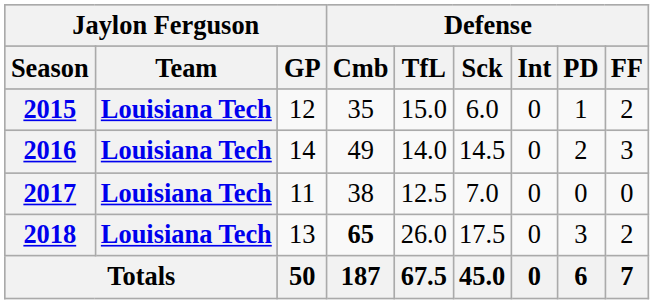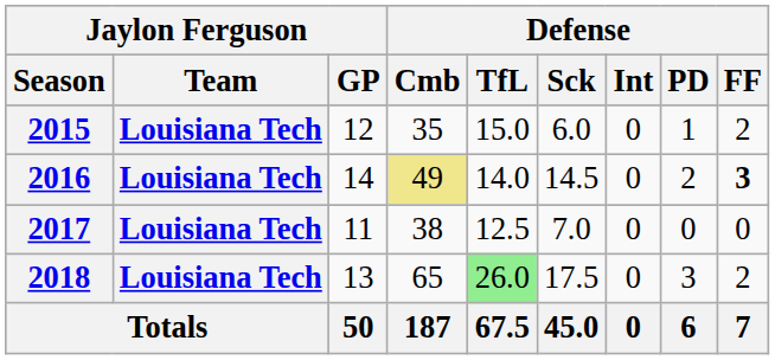 <table class="wikitable" style="text-align:center;">
 <tr>
 <th colspan="3">Jaylon Ferguson</th>
 <th colspan="6">Defense</th>
 </tr>
 <tr>
 <th>Season</th>
 <th>Team</th>
 <th>GP</th>
 <th>Cmb</th>
 <th>TfL</th>
 <th>Sck</th>
 <th>Int</th>
 <th>PD</th>
 <th>FF</th>
 </tr>
 <tr>
 <th><a href='#'>2015</a></th>
 <th><a href='#'>Louisiana Tech</a></th>
 <td>12</td>
 <td>35</td>
 <td>15.0</td>
 <td>6.0</td>
 <td>0</td>
 <td>1</td>
 <td>2</td>
 </tr>
 <tr>
 <th><a href='#'>2016</a></th>
 <th><a href='#'>Louisiana Tech</a></th>
 <td>14</td>
-<td>49</td>
+<td style="background: khaki;">49</td>
 <td>14.0</td>
 <td>14.5</td>
 <td>0</td>
 <td>2</td>
-<td>3</td>
+<td><strong>3</strong></td>
 </tr>
 <tr>
 <th><a href='#'>2017</a></th>
 <th><a href='#'>Louisiana Tech</a></th>
 <td>11</td>
 <td>38</td>
 <td>12.5</td>
 <td>7.0</td>
 <td>0</td>
 <td>0</td>
 <td>0</td>
 </tr>
 <tr>
 <th><a href='#'>2018</a></th>
 <th><a href='#'>Louisiana Tech</a></th>
 <td>13</td>
-<td><strong>65</strong></td>
-<td>26.0</td>
+<td>65</td>
+<td style="background: lightgreen;">26.0</td>
 <td>17.5</td>
 <td>0</td>
 <td>3</td>
 <td>2</td>
 </tr>
 <tr>
 <th colspan="2">Totals</th>
 <th>50</th>
 <th>187</th>
 <th>67.5</th>
 <th>45.0</th>
 <th>0</th>
 <th>6</th>
 <th>7</th>
 </tr>
 </table>
